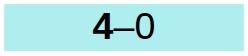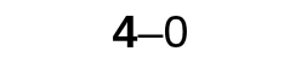 <table style="text-align:center">
 <tr>
 <th width=223></th>
 <th width=100></th>
 <th width=223></th>
 </tr>
 <tr>
 <td align=right><small><span></span></small> <strong></strong></td>
-<td style="background: paleturquoise;"><strong>4</strong>–0</td>
+<td><strong>4</strong>–0</td>
 <td align=left> <small><span></span></small></td>
 </tr>
 </table>
